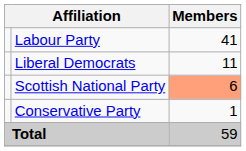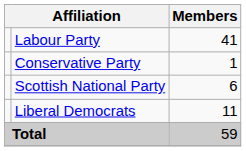 <table class="wikitable">
 <tr>
 <th colspan="2">Affiliation</th>
 <th>Members</th>
 </tr>
 <tr>
 <td style="color:inherit;background:"></td>
 <td><a href='#'>Labour Party</a></td>
 <td align="right">41</td>
 </tr>
 <tr>
 <td style="color:inherit;background:"></td>
-<td><a href='#'>Liberal Democrats</a></td>
-<td align="right">11</td>
+<td><a href='#'>Conservative Party</a></td>
+<td align="right">1</td>
 </tr>
 <tr>
 <td style="color:inherit;background:"></td>
 <td><a href='#'>Scottish National Party</a></td>
-<td align="right" style="background: lightsalmon;">6</td>
+<td align="right">6</td>
 </tr>
 <tr>
 <td style="color:inherit;background:"></td>
-<td><a href='#'>Conservative Party</a></td>
-<td align="right">1</td>
+<td><a href='#'>Liberal Democrats</a></td>
+<td align="right">11</td>
 </tr>
 <tr bgcolor="CCCCCC">
 <td colspan="2" rowspan="1"> <strong>Total</strong></td>
 <td align="right">59</td>
 </tr>
 <tr>
 </tr>
 </table>
